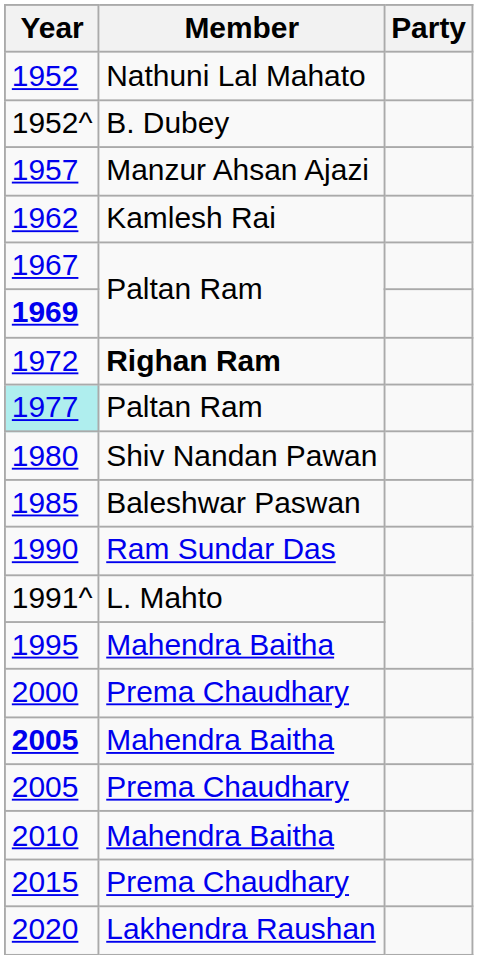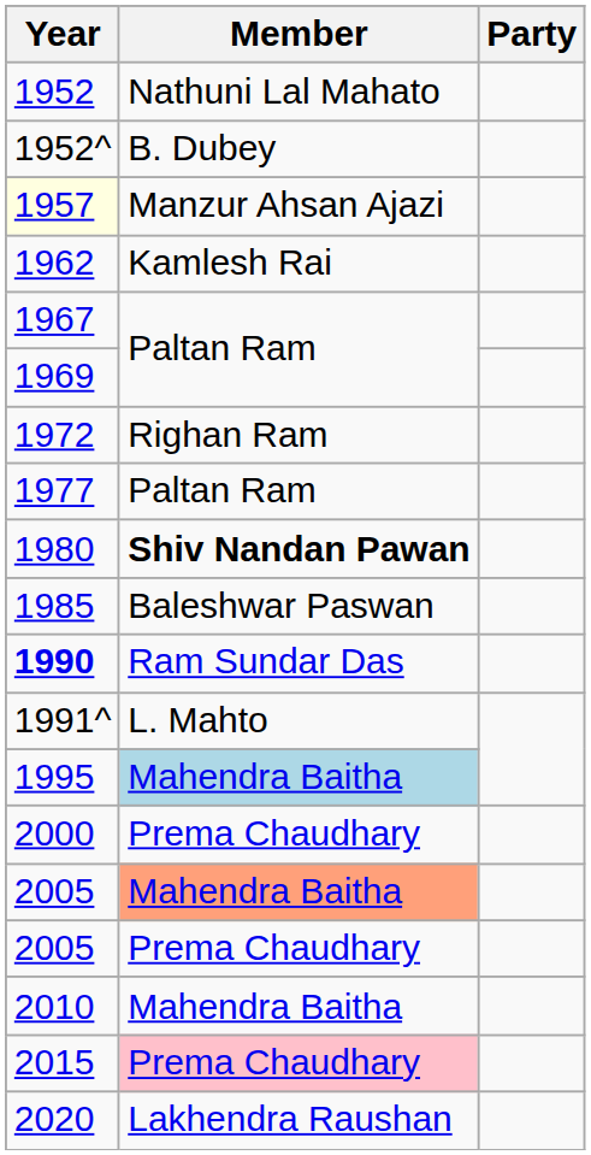 <table class="wikitable sortable">
 <tr>
 <th>Year</th>
 <th>Member</th>
 <th colspan="2">Party</th>
 </tr>
 <tr>
 <td><a href='#'>1952</a></td>
 <td>Nathuni Lal Mahato</td>
 <td></td>
 </tr>
 <tr>
 <td>1952^</td>
 <td>B. Dubey</td>
 <td></td>
 </tr>
 <tr>
-<td><a href='#'>1957</a></td>
+<td style="background: lightyellow;"><a href='#'>1957</a></td>
 <td>Manzur Ahsan Ajazi</td>
 </tr>
 <tr>
 <td><a href='#'>1962</a></td>
 <td>Kamlesh Rai</td>
 <td></td>
 </tr>
 <tr>
 <td><a href='#'>1967</a></td>
 <td rowspan="2">Paltan Ram</td>
 <td></td>
 </tr>
 <tr>
-<td><strong><a href='#'>1969</a></strong></td>
+<td><a href='#'>1969</a></td>
 </tr>
 <tr>
 <td><a href='#'>1972</a></td>
-<td><strong>Righan Ram</strong></td>
+<td>Righan Ram</td>
 <td></td>
 </tr>
 <tr>
-<td style="background: paleturquoise;"><a href='#'>1977</a></td>
+<td><a href='#'>1977</a></td>
 <td>Paltan Ram</td>
 <td></td>
 </tr>
 <tr>
 <td><a href='#'>1980</a></td>
-<td>Shiv Nandan Pawan</td>
+<td><strong>Shiv Nandan Pawan</strong></td>
 <td></td>
 </tr>
 <tr>
 <td><a href='#'>1985</a></td>
 <td>Baleshwar Paswan</td>
 <td></td>
 </tr>
 <tr>
-<td><a href='#'>1990</a></td>
+<td><strong><a href='#'>1990</a></strong></td>
 <td><a href='#'>Ram Sundar Das</a></td>
 <td></td>
 </tr>
 <tr>
 <td>1991^</td>
 <td>L. Mahto</td>
 </tr>
 <tr>
 <td><a href='#'>1995</a></td>
-<td><a href='#'>Mahendra Baitha</a></td>
+<td style="background: lightblue;"><a href='#'>Mahendra Baitha</a></td>
 </tr>
 <tr>
 <td><a href='#'>2000</a></td>
 <td><a href='#'>Prema Chaudhary</a></td>
 <td></td>
 </tr>
 <tr>
-<td><strong><a href='#'>2005</a></strong></td>
-<td><a href='#'>Mahendra Baitha</a></td>
+<td><a href='#'>2005</a></td>
+<td style="background: lightsalmon;"><a href='#'>Mahendra Baitha</a></td>
 <td></td>
 </tr>
 <tr>
 <td><a href='#'>2005</a></td>
 <td><a href='#'>Prema Chaudhary</a></td>
 <td></td>
 </tr>
 <tr>
 <td><a href='#'>2010</a></td>
 <td><a href='#'>Mahendra Baitha</a></td>
 <td></td>
 </tr>
 <tr>
 <td><a href='#'>2015</a></td>
-<td><a href='#'>Prema Chaudhary</a></td>
+<td style="background: pink;"><a href='#'>Prema Chaudhary</a></td>
 <td></td>
 </tr>
 <tr>
 <td><a href='#'>2020</a></td>
 <td><a href='#'>Lakhendra Raushan</a></td>
 <td></td>
 </tr>
 </table>
